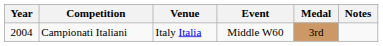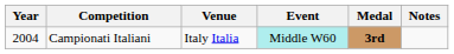 <table class="wikitable" width=55% style="font-size:90%; text-align:center;">
 <tr>
 <th>Year</th>
 <th>Competition</th>
 <th>Venue</th>
 <th>Event</th>
 <th>Medal</th>
 <th>Notes</th>
 </tr>
 <tr>
 <td align=center rowspan=2>2004</td>
 <td rowspan=2 align=left>Campionati Italiani</td>
 <td rowspan=2 align=left>Italy <a href='#'>Italia</a></td>
-<td>Middle W60</td>
-<td bgcolor=cc9966>3rd</td>
+<td style="background: paleturquoise;">Middle W60</td>
+<td bgcolor=cc9966><strong>3rd</strong></td>
 </tr>
 </table>
